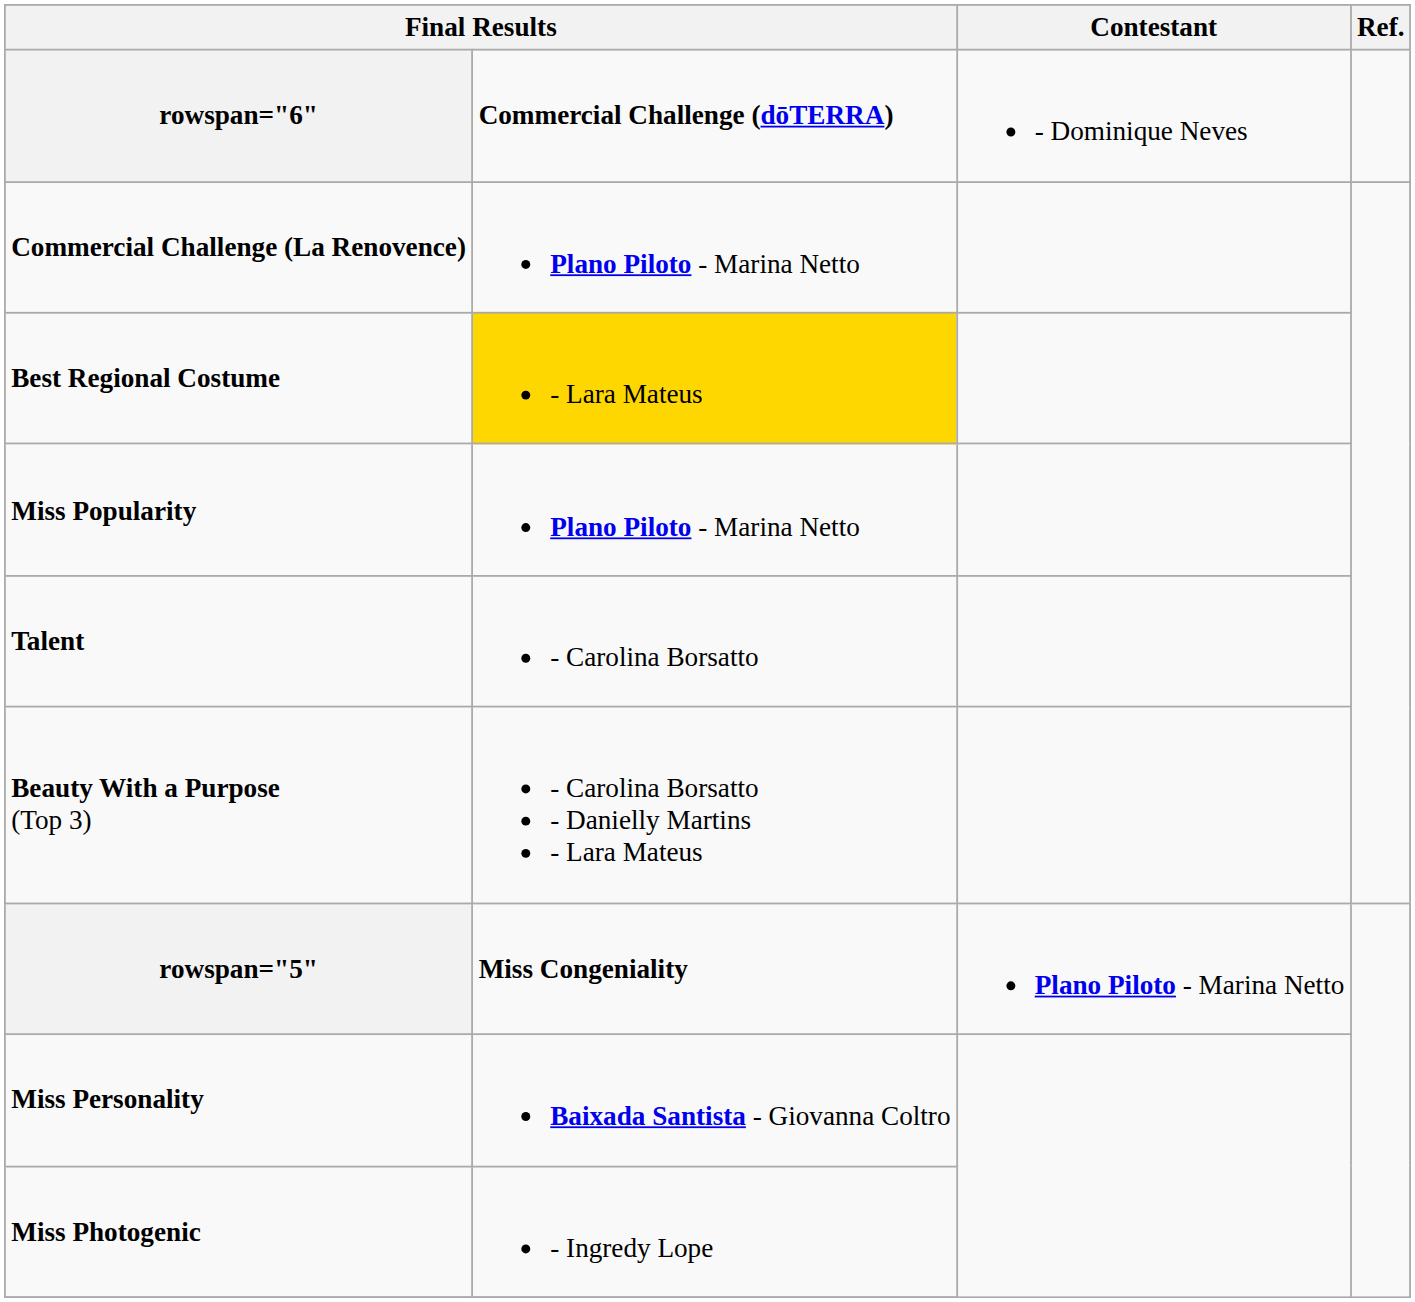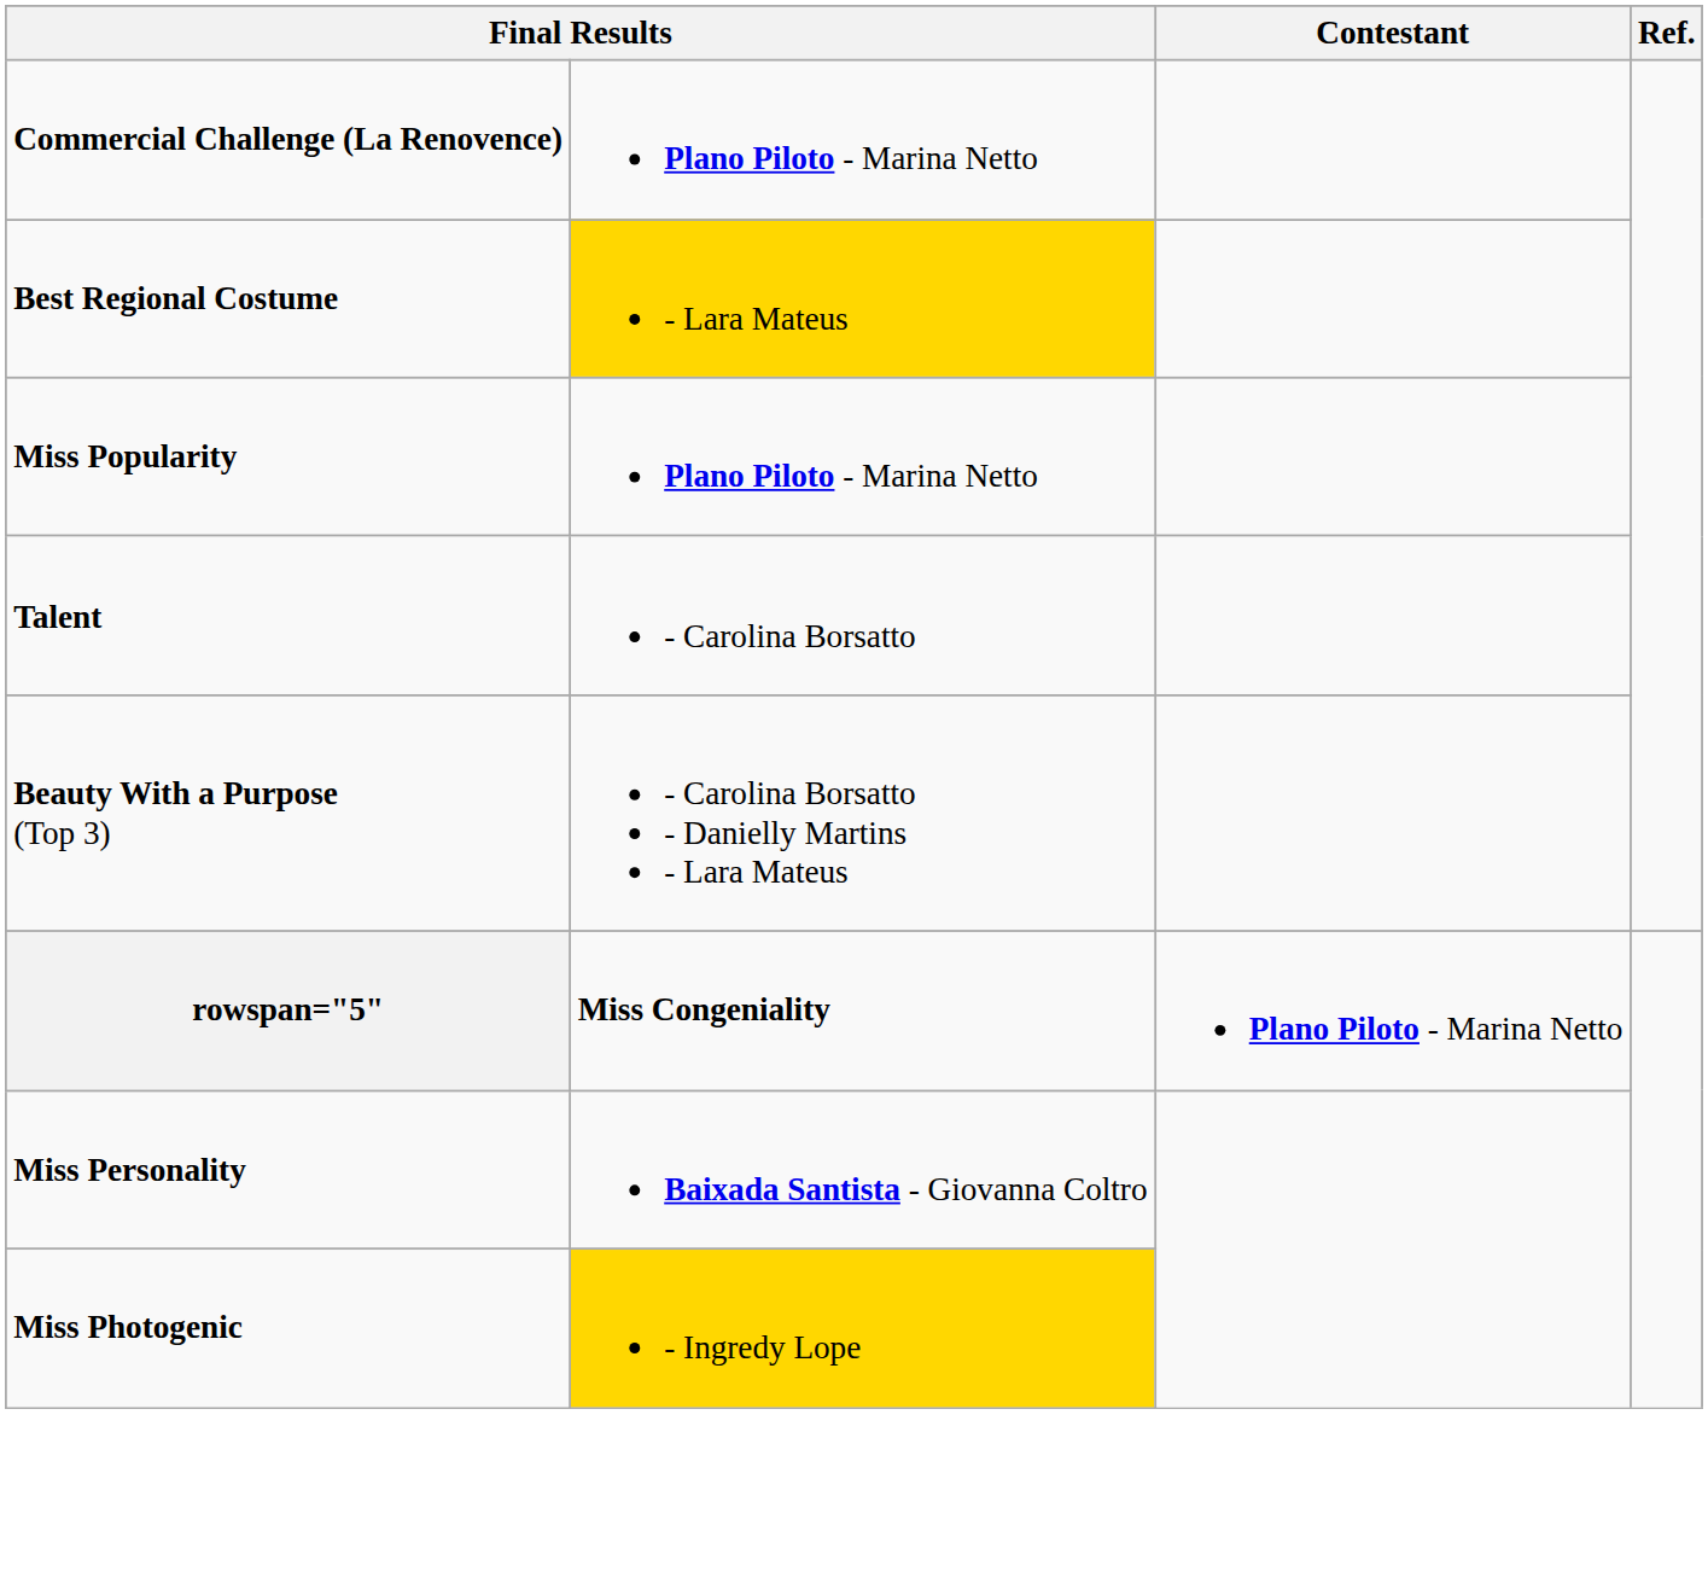 <table class="wikitable" style="font-size:95%;">
 <tr>
 <th colspan="2">Final Results</th>
 <th>Contestant</th>
 <th>Ref.</th>
-</tr>
-<tr>
-<th>rowspan="6" </th>
-<td><strong>Commercial Challenge (<a href='#'>dōTERRA</a>)</strong></td>
-<td><br><ul><li><strong></strong> - Dominique Neves</li></ul></td>
-<td></td>
 </tr>
 <tr>
 <td><strong>Commercial Challenge (La Renovence)</strong></td>
 <td><br><ul><li><strong> <a href='#'>Plano Piloto</a></strong> - Marina Netto</li></ul></td>
 <td></td>
 </tr>
 <tr>
 <td><strong>Best Regional Costume</strong></td>
 <td style="background: gold;"><br><ul><li><strong></strong> - Lara Mateus</li></ul></td>
 <td></td>
 </tr>
 <tr>
 <td><strong>Miss Popularity</strong></td>
 <td><br><ul><li><strong> <a href='#'>Plano Piloto</a></strong> - Marina Netto</li></ul></td>
 <td></td>
 </tr>
 <tr>
 <td><strong>Talent</strong></td>
 <td><br><ul><li><strong></strong> - Carolina Borsatto</li></ul></td>
 <td></td>
 </tr>
 <tr>
 <td><strong>Beauty With a Purpose</strong><br>(Top 3)</td>
 <td><br><ul><li><strong></strong> - Carolina Borsatto</li><li><strong></strong> - Danielly Martins</li><li><strong></strong> - Lara Mateus</li></ul></td>
 <td></td>
 </tr>
 <tr>
 <th>rowspan="5" </th>
 <td><strong>Miss Congeniality</strong></td>
 <td><br><ul><li><strong> <a href='#'>Plano Piloto</a></strong> - Marina Netto</li></ul></td>
 <td rowspan="6"></td>
 </tr>
 <tr>
 <td><strong>Miss Personality</strong></td>
 <td><br><ul><li><strong> <a href='#'>Baixada Santista</a></strong> - Giovanna Coltro</li></ul></td>
 </tr>
 <tr>
 <td><strong>Miss Photogenic</strong></td>
-<td><br><ul><li><strong></strong> - Ingredy Lope</li></ul></td>
+<td style="background: gold;"><br><ul><li><strong></strong> - Ingredy Lope</li></ul></td>
 </tr>
 <tr>
 </tr>
 </table>
